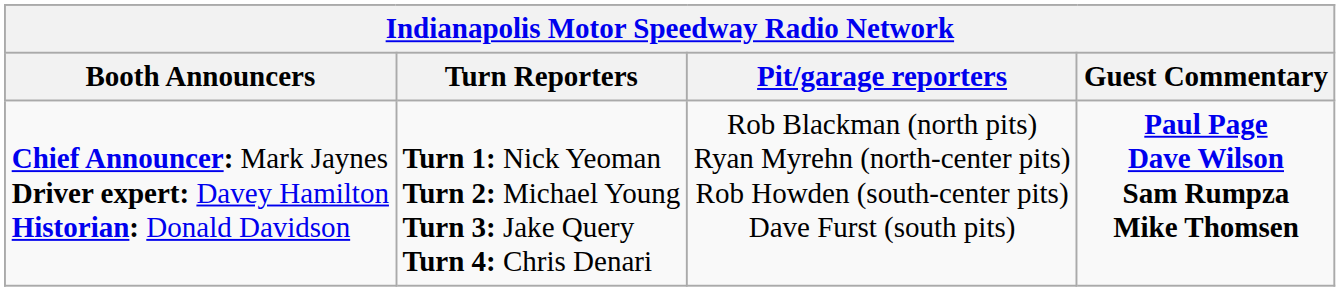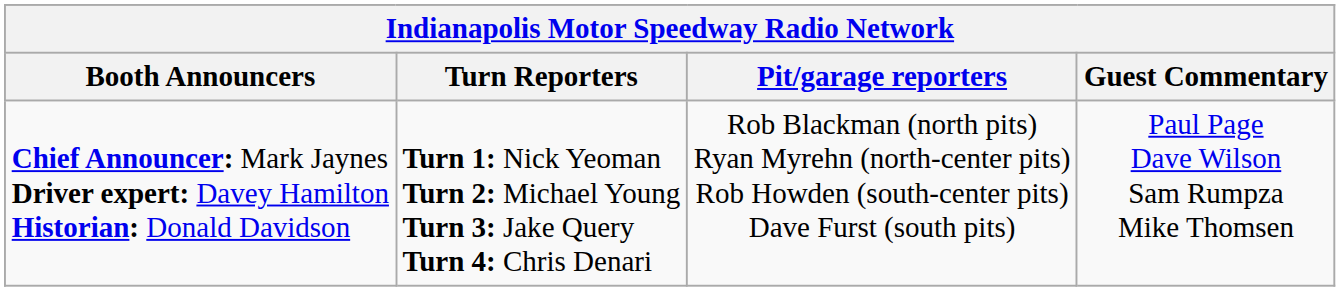 <table class="wikitable" style="font-size: 95%;">
 <tr>
 <th colspan=4><a href='#'>Indianapolis Motor Speedway Radio Network</a></th>
 </tr>
 <tr>
 <th>Booth Announcers</th>
 <th>Turn Reporters</th>
 <th><a href='#'>Pit/garage reporters</a></th>
 <th>Guest Commentary</th>
 </tr>
 <tr>
 <td valign="top"><br><strong><a href='#'>Chief Announcer</a>:</strong> Mark Jaynes<br> <strong>Driver expert:</strong> <a href='#'>Davey Hamilton</a><br> <strong><a href='#'>Historian</a>:</strong> <a href='#'>Donald Davidson</a><br></td>
 <td valign="top"><br><strong>Turn 1:</strong> Nick Yeoman<br> <strong>Turn 2:</strong> Michael Young<br> <strong>Turn 3:</strong> Jake Query<br> <strong>Turn 4:</strong> Chris Denari<br></td>
 <td align="center" valign="top">Rob Blackman (north pits)<br>Ryan Myrehn (north-center pits)<br>Rob Howden (south-center pits)<br>Dave Furst (south pits)</td>
-<td align="center" valign="top"><strong><a href='#'>Paul Page</a> <br><a href='#'>Dave Wilson</a><br>Sam Rumpza<br>Mike Thomsen<br></strong></td>
+<td align="center" valign="top"><a href='#'>Paul Page</a> <br><a href='#'>Dave Wilson</a><br>Sam Rumpza<br>Mike Thomsen<br></td>
 </tr>
 </table>
